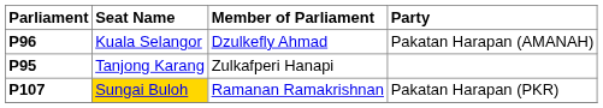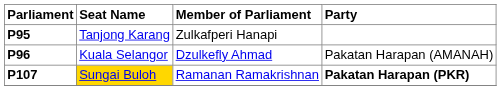 <table class="toccolours sortable" border="1" cellpadding="3" style="border-collapse:collapse; text-align: left;">
 <tr>
 <th align="center">Parliament</th>
 <th>Seat Name</th>
 <th>Member of Parliament</th>
 <th>Party</th>
 </tr>
 <tr>
+<th align="left">P95</th>
+<td><a href='#'>Tanjong Karang</a></td>
+<td>Zulkafperi Hanapi</td>
+<td></td>
+</tr>
+<tr>
 <th align="left">P96</th>
 <td><a href='#'>Kuala Selangor</a></td>
 <td><a href='#'>Dzulkefly Ahmad</a></td>
 <td>Pakatan Harapan (AMANAH)</td>
 </tr>
 <tr>
-<th align="left">P95</th>
-<td><a href='#'>Tanjong Karang</a></td>
-<td>Zulkafperi Hanapi</td>
-<td></td>
-</tr>
-<tr>
 <th align="left">P107</th>
 <td style="background: gold;"><a href='#'>Sungai Buloh</a></td>
 <td><a href='#'>Ramanan Ramakrishnan</a></td>
-<td>Pakatan Harapan (PKR)</td>
+<td><strong>Pakatan Harapan (PKR)</strong></td>
 </tr>
 <tr>
 </tr>
 </table>
